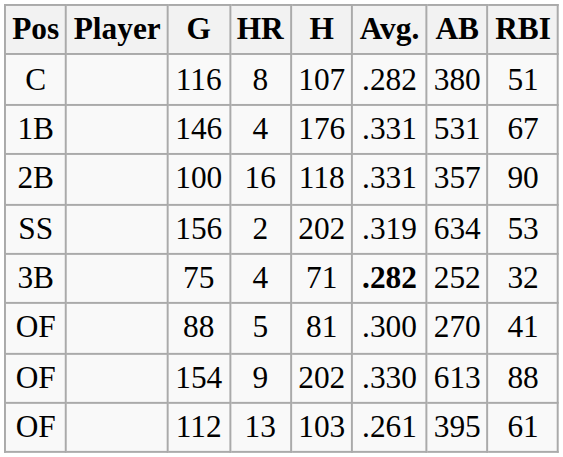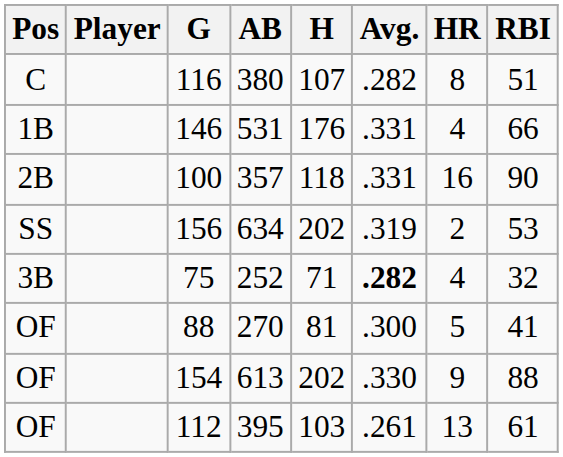 <table class="wikitable sortable" style="text-align:center;">
 <tr>
 <th>Pos</th>
 <th>Player</th>
 <th>G</th>
-<th>HR</th>
+<th>AB</th>
 <th>H</th>
 <th>Avg.</th>
-<th>AB</th>
+<th>HR</th>
 <th>RBI</th>
 </tr>
 <tr>
 <td>C</td>
 <td></td>
 <td>116</td>
-<td>8</td>
+<td>380</td>
 <td>107</td>
 <td>.282</td>
-<td>380</td>
+<td>8</td>
 <td>51</td>
 </tr>
 <tr>
 <td>1B</td>
 <td></td>
 <td>146</td>
-<td>4</td>
+<td>531</td>
 <td>176</td>
 <td>.331</td>
-<td>531</td>
-<td>67</td>
+<td>4</td>
+<td>66</td>
 </tr>
 <tr>
 <td>2B</td>
 <td></td>
 <td>100</td>
-<td>16</td>
+<td>357</td>
 <td>118</td>
 <td>.331</td>
-<td>357</td>
+<td>16</td>
 <td>90</td>
 </tr>
 <tr>
 <td>SS</td>
 <td></td>
 <td>156</td>
-<td>2</td>
+<td>634</td>
 <td>202</td>
 <td>.319</td>
-<td>634</td>
+<td>2</td>
 <td>53</td>
 </tr>
 <tr>
 <td>3B</td>
 <td></td>
 <td>75</td>
-<td>4</td>
+<td>252</td>
 <td>71</td>
 <td><strong>.282</strong></td>
-<td>252</td>
+<td>4</td>
 <td>32</td>
 </tr>
 <tr>
 <td>OF</td>
 <td></td>
 <td>88</td>
-<td>5</td>
+<td>270</td>
 <td>81</td>
 <td>.300</td>
-<td>270</td>
+<td>5</td>
 <td>41</td>
 </tr>
 <tr>
 <td>OF</td>
 <td></td>
 <td>154</td>
-<td>9</td>
+<td>613</td>
 <td>202</td>
 <td>.330</td>
-<td>613</td>
+<td>9</td>
 <td>88</td>
 </tr>
 <tr>
 <td>OF</td>
 <td></td>
 <td>112</td>
-<td>13</td>
+<td>395</td>
 <td>103</td>
 <td>.261</td>
-<td>395</td>
+<td>13</td>
 <td>61</td>
 </tr>
 </table>
